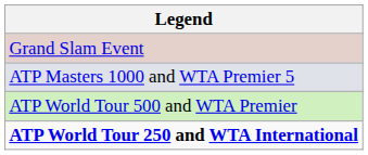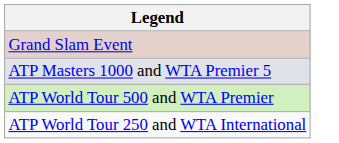 <table class="wikitable">
 <tr>
 <th>Legend</th>
 </tr>
 <tr style=background:#e5d1cb;>
 <td><a href='#'>Grand Slam Event</a></td>
 </tr>
 <tr style=background:#dfe2e9;>
 <td><a href='#'>ATP Masters 1000</a> and <a href='#'>WTA Premier 5</a></td>
 </tr>
 <tr style=background:#d0f0c0;>
 <td><a href='#'>ATP World Tour 500</a> and <a href='#'>WTA Premier</a></td>
 </tr>
 <tr group4style=background:#ffffff;>
-<td><strong><a href='#'>ATP World Tour 250</a> and <a href='#'>WTA International</a></strong></td>
+<td><a href='#'>ATP World Tour 250</a> and <a href='#'>WTA International</a></td>
 </tr>
 </table>
